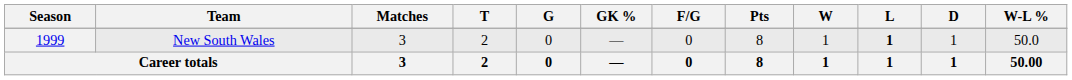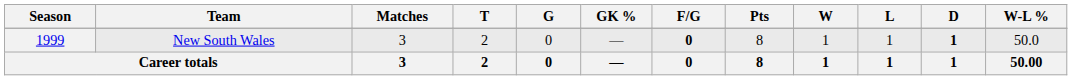 <table class="wikitable sortable"  style="font-size:90%; text-align:center; width:85%;">
 <tr>
 <th width=2%>Season</th>
 <th width=8%>Team</th>
 <th width=2%>Matches</th>
 <th width=2%>T</th>
 <th width=2%>G</th>
 <th width=2%>GK %</th>
 <th width=2%>F/G</th>
 <th width=2%>Pts</th>
 <th width=2%>W</th>
 <th width=2%>L</th>
 <th width=2%>D</th>
 <th width=2%>W-L %</th>
 </tr>
 <tr>
 </tr>
 <tr style="background-color: #EAEAEA">
 <th scope="row" style="text-align:center; font-weight:normal"><a href='#'>1999</a></th>
 <td style="text-align:center;"><a href='#'>New South Wales</a></td>
 <td>3</td>
 <td>2</td>
 <td>0</td>
 <td>—</td>
-<td>0</td>
+<td><strong>0</strong></td>
 <td>8</td>
 <td>1</td>
+<td>1</td>
 <td><strong>1</strong></td>
-<td>1</td>
 <td>50.0</td>
 </tr>
 <tr class="sortbottom">
 <th colspan=2>Career totals</th>
 <th>3</th>
 <th>2</th>
 <th>0</th>
 <th>—</th>
 <th>0</th>
 <th>8</th>
 <th>1</th>
 <th>1</th>
 <th>1</th>
 <th>50.00</th>
 </tr>
 </table>
